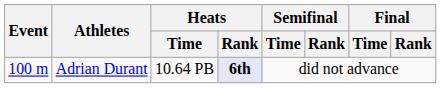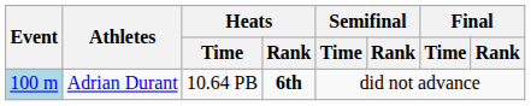 <table class="wikitable" border="1" style="font-size:90%">
 <tr>
 <th rowspan=2>Event</th>
 <th rowspan=2>Athletes</th>
 <th colspan=2>Heats</th>
 <th colspan=2>Semifinal</th>
 <th colspan=2>Final</th>
 </tr>
 <tr>
 <th>Time</th>
 <th>Rank</th>
 <th>Time</th>
 <th>Rank</th>
 <th>Time</th>
 <th>Rank</th>
 </tr>
 <tr>
-<td><a href='#'>100 m</a></td>
+<td style="background: lightblue;"><a href='#'>100 m</a></td>
 <td><a href='#'>Adrian Durant</a></td>
 <td align=center>10.64 PB</td>
-<td align=center style="background: lavender;"><strong>6th</strong></td>
+<td align=center><strong>6th</strong></td>
 <td align=center colspan="4">did not advance</td>
 </tr>
 </table>
